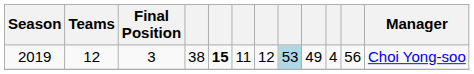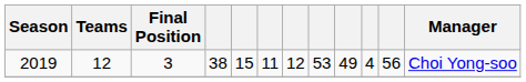 <table class="wikitable" style="text-align:center">
 <tr>
 <th>Season</th>
 <th>Teams</th>
 <th>Final<br>Position</th>
 <th></th>
 <th></th>
 <th></th>
 <th></th>
 <th></th>
 <th></th>
 <th></th>
 <th></th>
 <th>Manager</th>
 </tr>
 <tr>
 <td>2019</td>
 <td>12</td>
 <td>3</td>
 <td>38</td>
-<td><strong>15</strong></td>
+<td>15</td>
 <td>11</td>
 <td>12</td>
-<td style="background: lightblue;">53</td>
+<td>53</td>
 <td>49</td>
 <td>4</td>
 <td>56</td>
 <td align=left> <a href='#'>Choi Yong-soo</a></td>
 </tr>
 <tr>
 </tr>
 </table>
